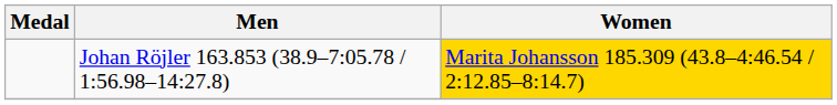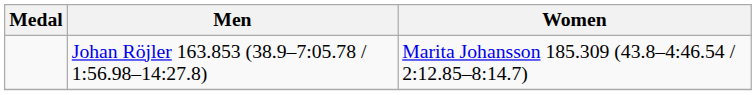 <table class="wikitable">
 <tr>
 <th>Medal</th>
 <th>Men</th>
 <th>Women</th>
 </tr>
 <tr>
 <td></td>
 <td><a href='#'>Johan Röjler</a> 163.853 (38.9–7:05.78 / 1:56.98–14:27.8)</td>
-<td style="background: gold;"><a href='#'>Marita Johansson</a> 185.309 (43.8–4:46.54 / 2:12.85–8:14.7)</td>
+<td><a href='#'>Marita Johansson</a> 185.309 (43.8–4:46.54 / 2:12.85–8:14.7)</td>
 </tr>
 <tr>
 </tr>
 </table>
